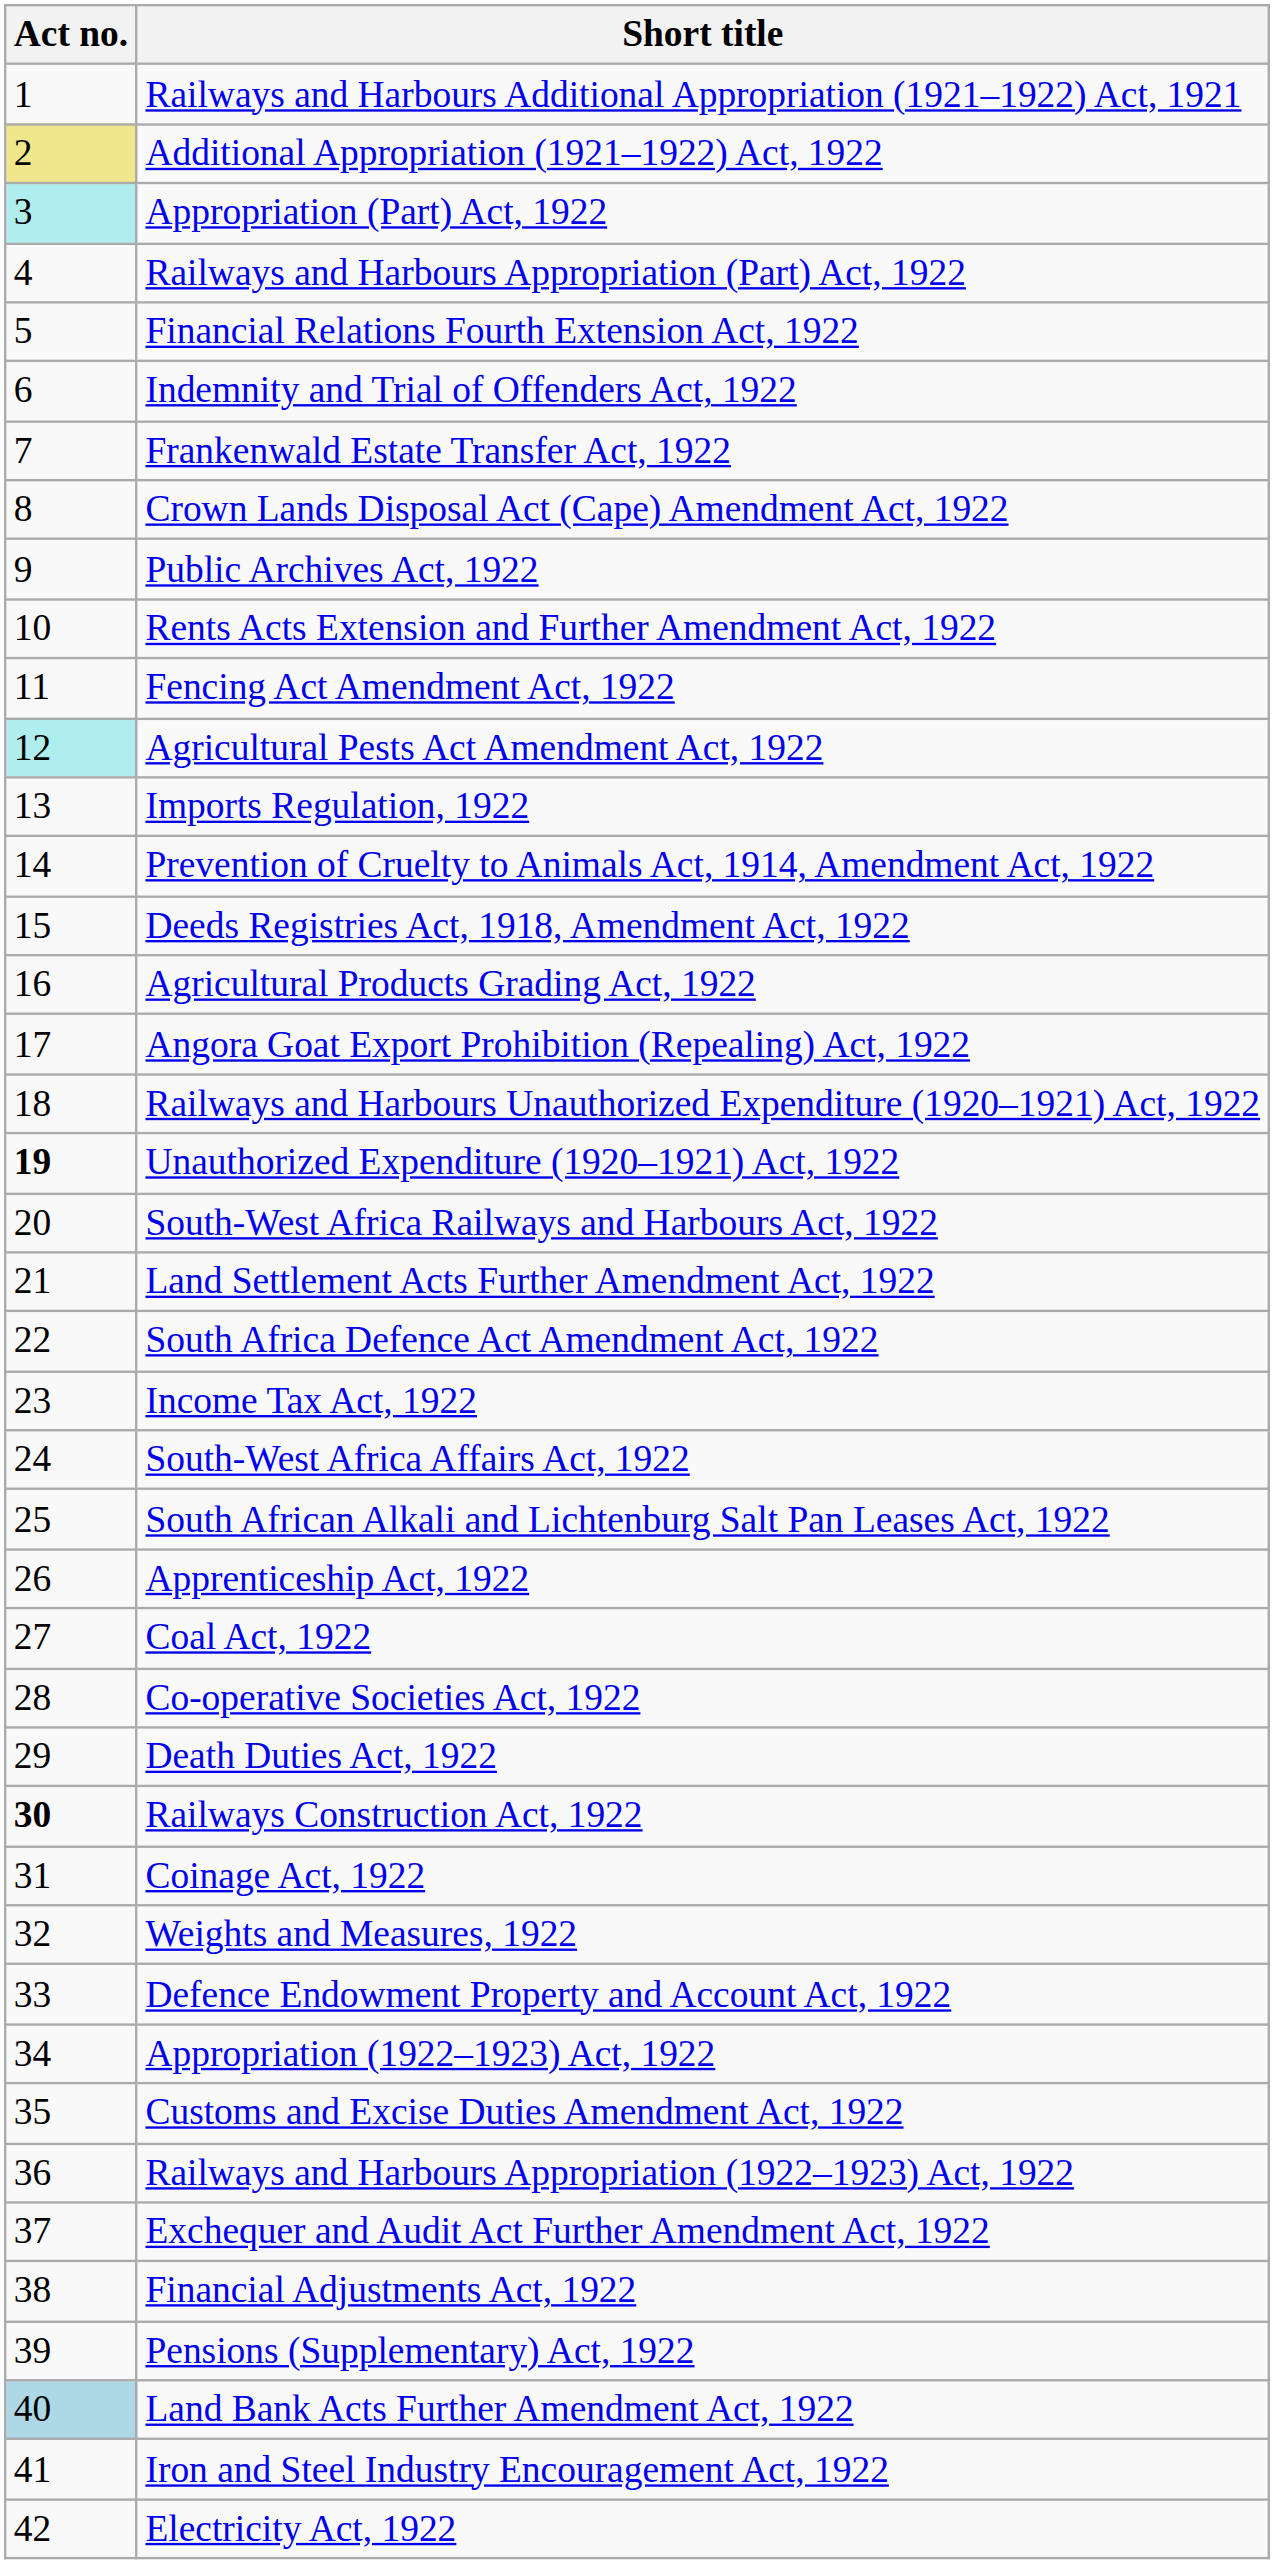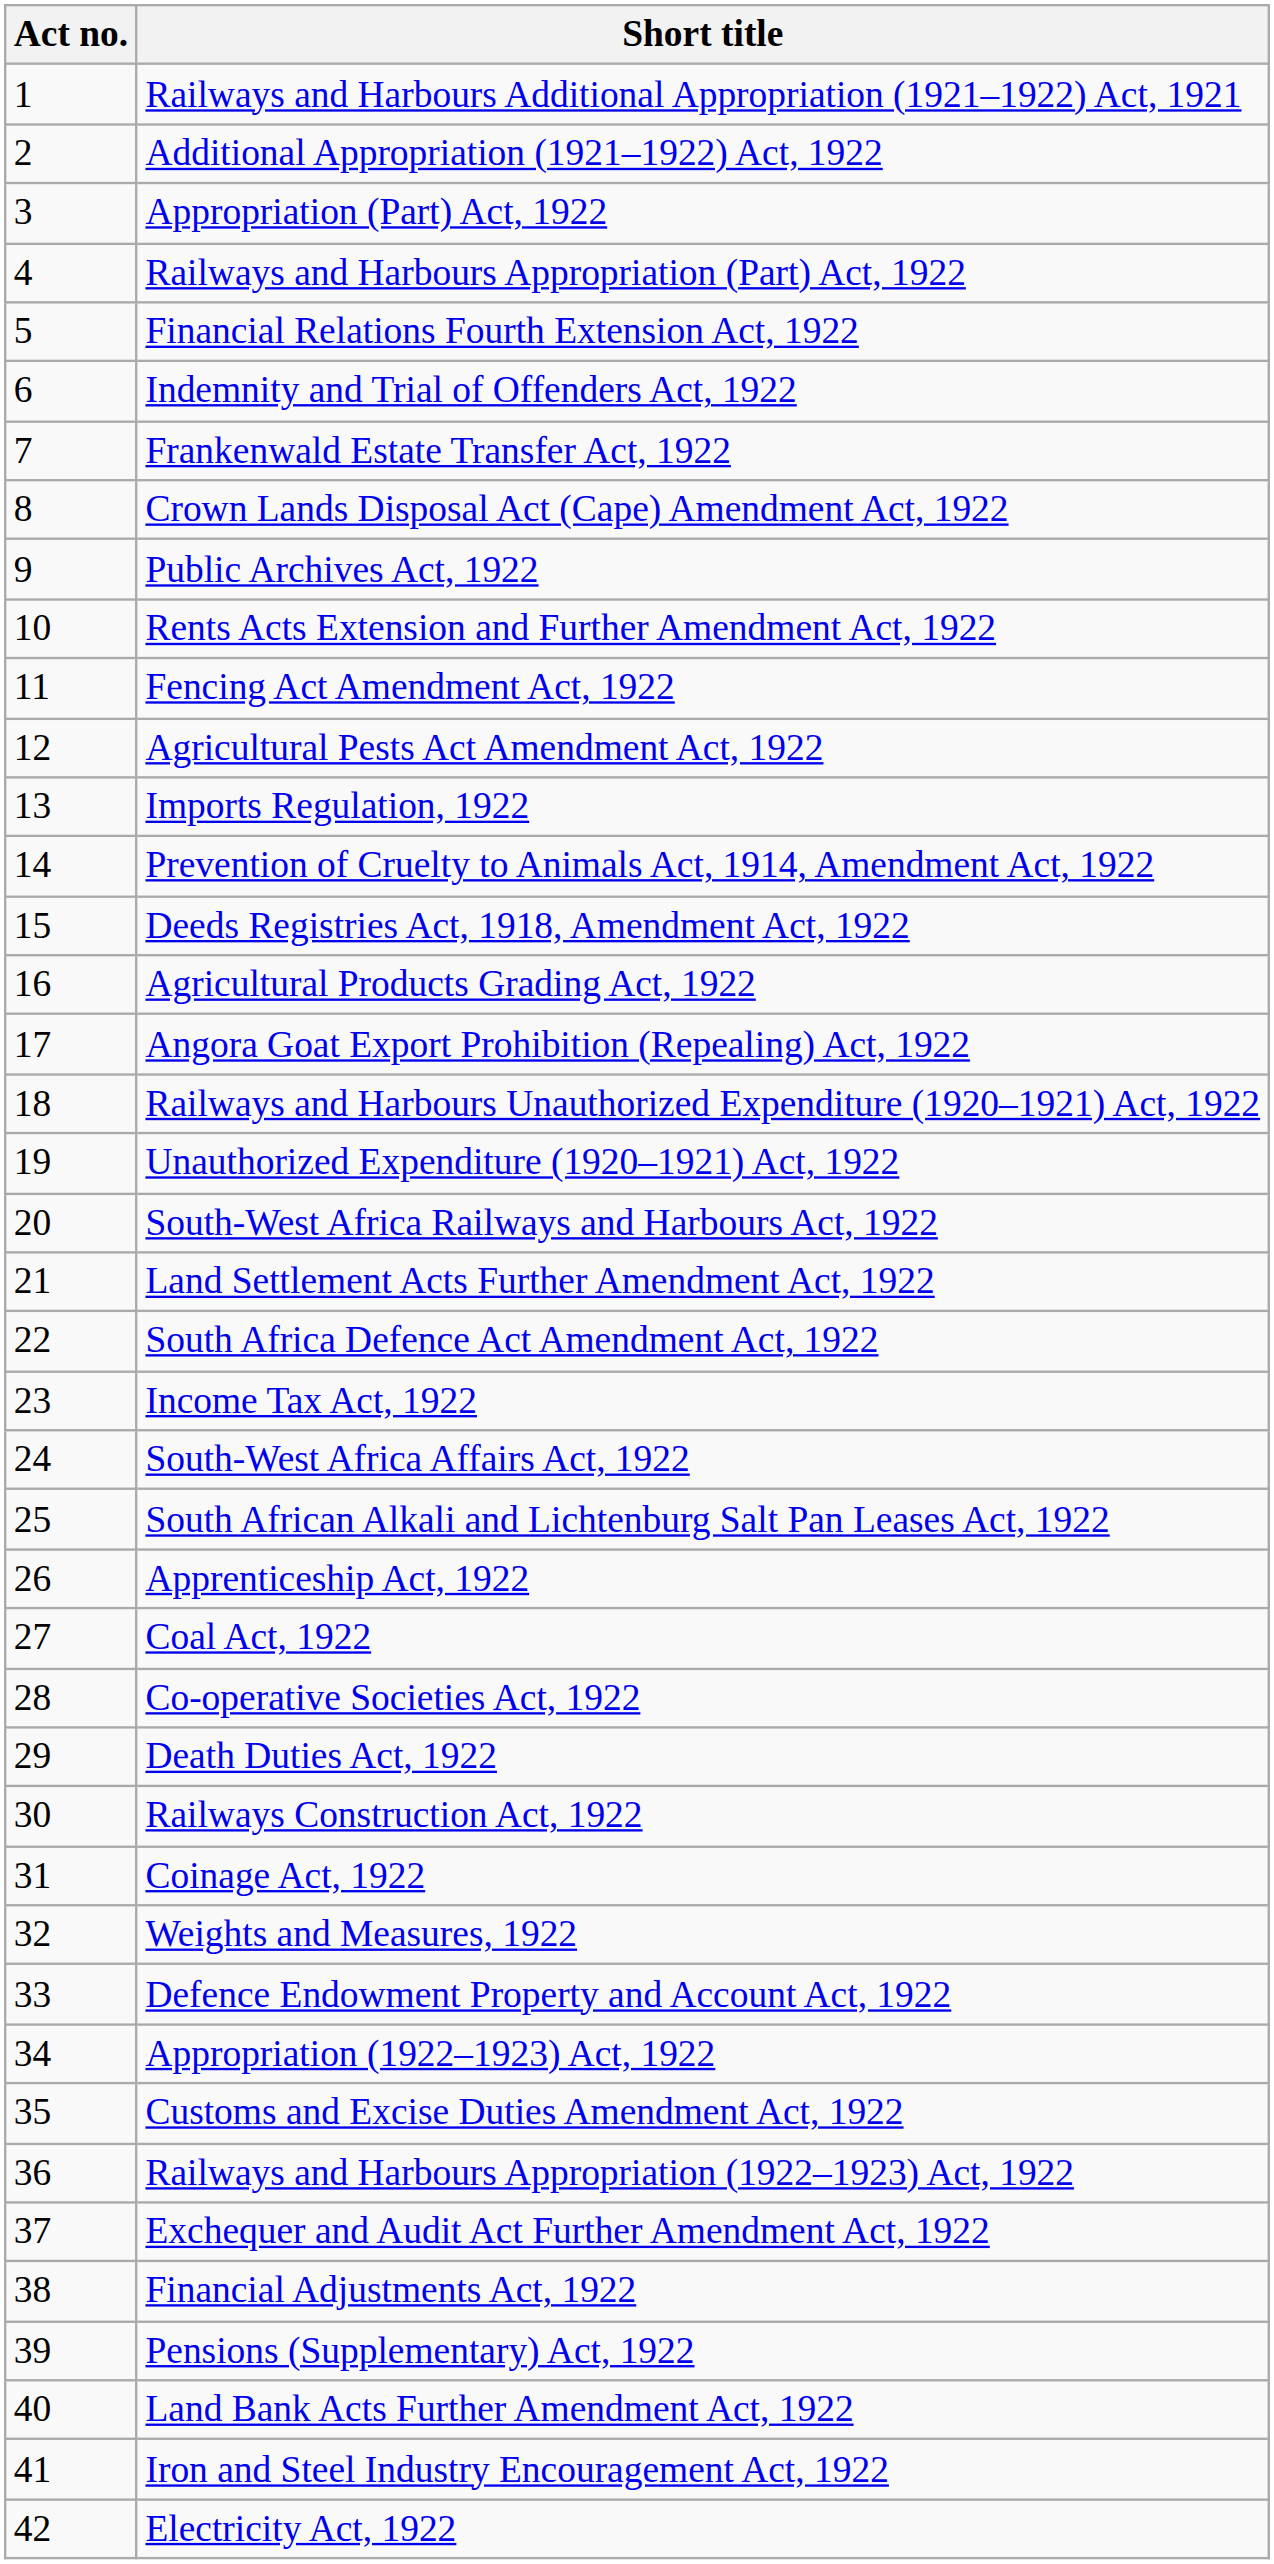 <table class="wikitable sortable">
 <tr>
 <th>Act no.</th>
 <th>Short title</th>
 </tr>
 <tr>
 <td>1</td>
 <td><a href='#'>Railways and Harbours Additional Appropriation (1921–1922) Act, 1921</a></td>
 </tr>
 <tr>
-<td style="background: khaki;">2</td>
+<td>2</td>
 <td><a href='#'>Additional Appropriation (1921–1922) Act, 1922</a></td>
 </tr>
 <tr>
-<td style="background: paleturquoise;">3</td>
+<td>3</td>
 <td><a href='#'>Appropriation (Part) Act, 1922</a></td>
 </tr>
 <tr>
 <td>4</td>
 <td><a href='#'>Railways and Harbours Appropriation (Part) Act, 1922</a></td>
 </tr>
 <tr>
 <td>5</td>
 <td><a href='#'>Financial Relations Fourth Extension Act, 1922</a></td>
 </tr>
 <tr>
 <td>6</td>
 <td><a href='#'>Indemnity and Trial of Offenders Act, 1922</a></td>
 </tr>
 <tr>
 <td>7</td>
 <td><a href='#'>Frankenwald Estate Transfer Act, 1922</a></td>
 </tr>
 <tr>
 <td>8</td>
 <td><a href='#'>Crown Lands Disposal Act (Cape) Amendment Act, 1922</a></td>
 </tr>
 <tr>
 <td>9</td>
 <td><a href='#'>Public Archives Act, 1922</a></td>
 </tr>
 <tr>
 <td>10</td>
 <td><a href='#'>Rents Acts Extension and Further Amendment Act, 1922</a></td>
 </tr>
 <tr>
 <td>11</td>
 <td><a href='#'>Fencing Act Amendment Act, 1922</a></td>
 </tr>
 <tr>
-<td style="background: paleturquoise;">12</td>
+<td>12</td>
 <td><a href='#'>Agricultural Pests Act Amendment Act, 1922</a></td>
 </tr>
 <tr>
 <td>13</td>
 <td><a href='#'>Imports Regulation, 1922</a></td>
 </tr>
 <tr>
 <td>14</td>
 <td><a href='#'>Prevention of Cruelty to Animals Act, 1914, Amendment Act, 1922</a></td>
 </tr>
 <tr>
 <td>15</td>
 <td><a href='#'>Deeds Registries Act, 1918, Amendment Act, 1922</a></td>
 </tr>
 <tr>
 <td>16</td>
 <td><a href='#'>Agricultural Products Grading Act, 1922</a></td>
 </tr>
 <tr>
 <td>17</td>
 <td><a href='#'>Angora Goat Export Prohibition (Repealing) Act, 1922</a></td>
 </tr>
 <tr>
 <td>18</td>
 <td><a href='#'>Railways and Harbours Unauthorized Expenditure (1920–1921) Act, 1922</a></td>
 </tr>
 <tr>
-<td><strong>19</strong></td>
+<td>19</td>
 <td><a href='#'>Unauthorized Expenditure (1920–1921) Act, 1922</a></td>
 </tr>
 <tr>
 <td>20</td>
 <td><a href='#'>South-West Africa Railways and Harbours Act, 1922</a></td>
 </tr>
 <tr>
 <td>21</td>
 <td><a href='#'>Land Settlement Acts Further Amendment Act, 1922</a></td>
 </tr>
 <tr>
 <td>22</td>
 <td><a href='#'>South Africa Defence Act Amendment Act, 1922</a></td>
 </tr>
 <tr>
 <td>23</td>
 <td><a href='#'>Income Tax Act, 1922</a></td>
 </tr>
 <tr>
 <td>24</td>
 <td><a href='#'>South-West Africa Affairs Act, 1922</a></td>
 </tr>
 <tr>
 <td>25</td>
 <td><a href='#'>South African Alkali and Lichtenburg Salt Pan Leases Act, 1922</a></td>
 </tr>
 <tr>
 <td>26</td>
 <td><a href='#'>Apprenticeship Act, 1922</a></td>
 </tr>
 <tr>
 <td>27</td>
 <td><a href='#'>Coal Act, 1922</a></td>
 </tr>
 <tr>
 <td>28</td>
 <td><a href='#'>Co-operative Societies Act, 1922</a></td>
 </tr>
 <tr>
 <td>29</td>
 <td><a href='#'>Death Duties Act, 1922</a></td>
 </tr>
 <tr>
-<td><strong>30</strong></td>
+<td>30</td>
 <td><a href='#'>Railways Construction Act, 1922</a></td>
 </tr>
 <tr>
 <td>31</td>
 <td><a href='#'>Coinage Act, 1922</a></td>
 </tr>
 <tr>
 <td>32</td>
 <td><a href='#'>Weights and Measures, 1922</a></td>
 </tr>
 <tr>
 <td>33</td>
 <td><a href='#'>Defence Endowment Property and Account Act, 1922</a></td>
 </tr>
 <tr>
 <td>34</td>
 <td><a href='#'>Appropriation (1922–1923) Act, 1922</a></td>
 </tr>
 <tr>
 <td>35</td>
 <td><a href='#'>Customs and Excise Duties Amendment Act, 1922</a></td>
 </tr>
 <tr>
 <td>36</td>
 <td><a href='#'>Railways and Harbours Appropriation (1922–1923) Act, 1922</a></td>
 </tr>
 <tr>
 <td>37</td>
 <td><a href='#'>Exchequer and Audit Act Further Amendment Act, 1922</a></td>
 </tr>
 <tr>
 <td>38</td>
 <td><a href='#'>Financial Adjustments Act, 1922</a></td>
 </tr>
 <tr>
 <td>39</td>
 <td><a href='#'>Pensions (Supplementary) Act, 1922</a></td>
 </tr>
 <tr>
-<td style="background: lightblue;">40</td>
+<td>40</td>
 <td><a href='#'>Land Bank Acts Further Amendment Act, 1922</a></td>
 </tr>
 <tr>
 <td>41</td>
 <td><a href='#'>Iron and Steel Industry Encouragement Act, 1922</a></td>
 </tr>
 <tr>
 <td>42</td>
 <td><a href='#'>Electricity Act, 1922</a></td>
 </tr>
 </table>
